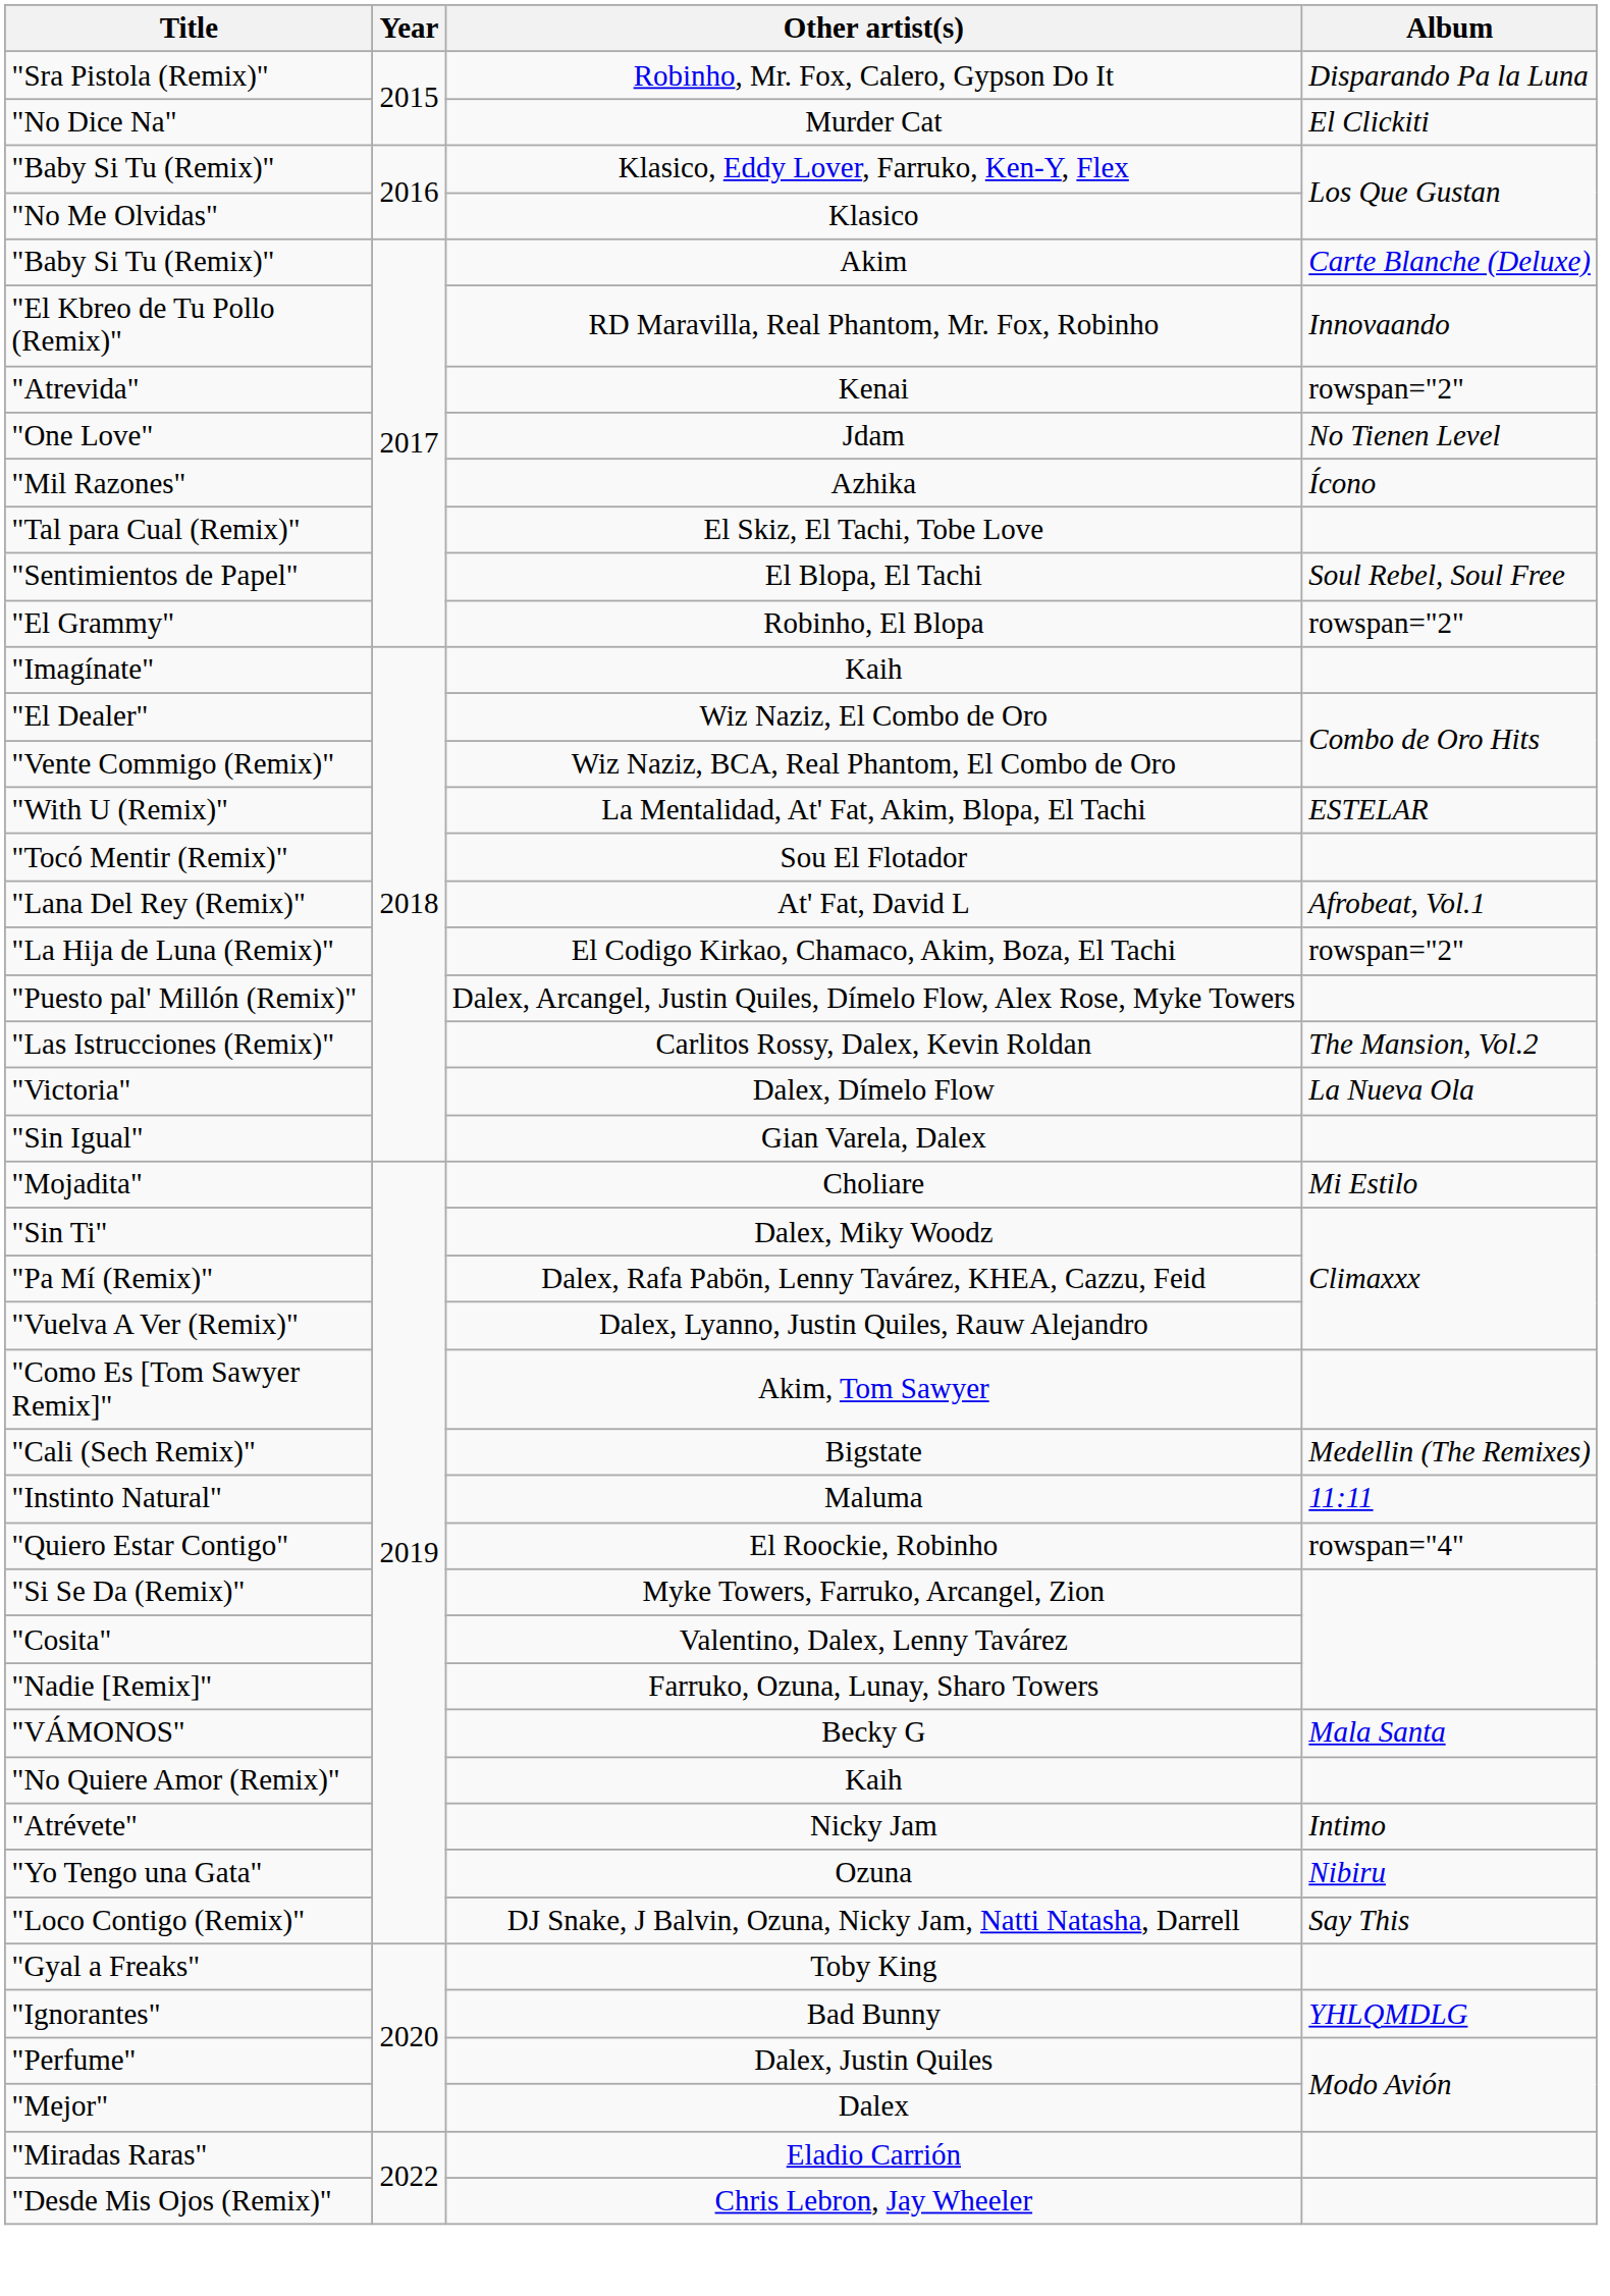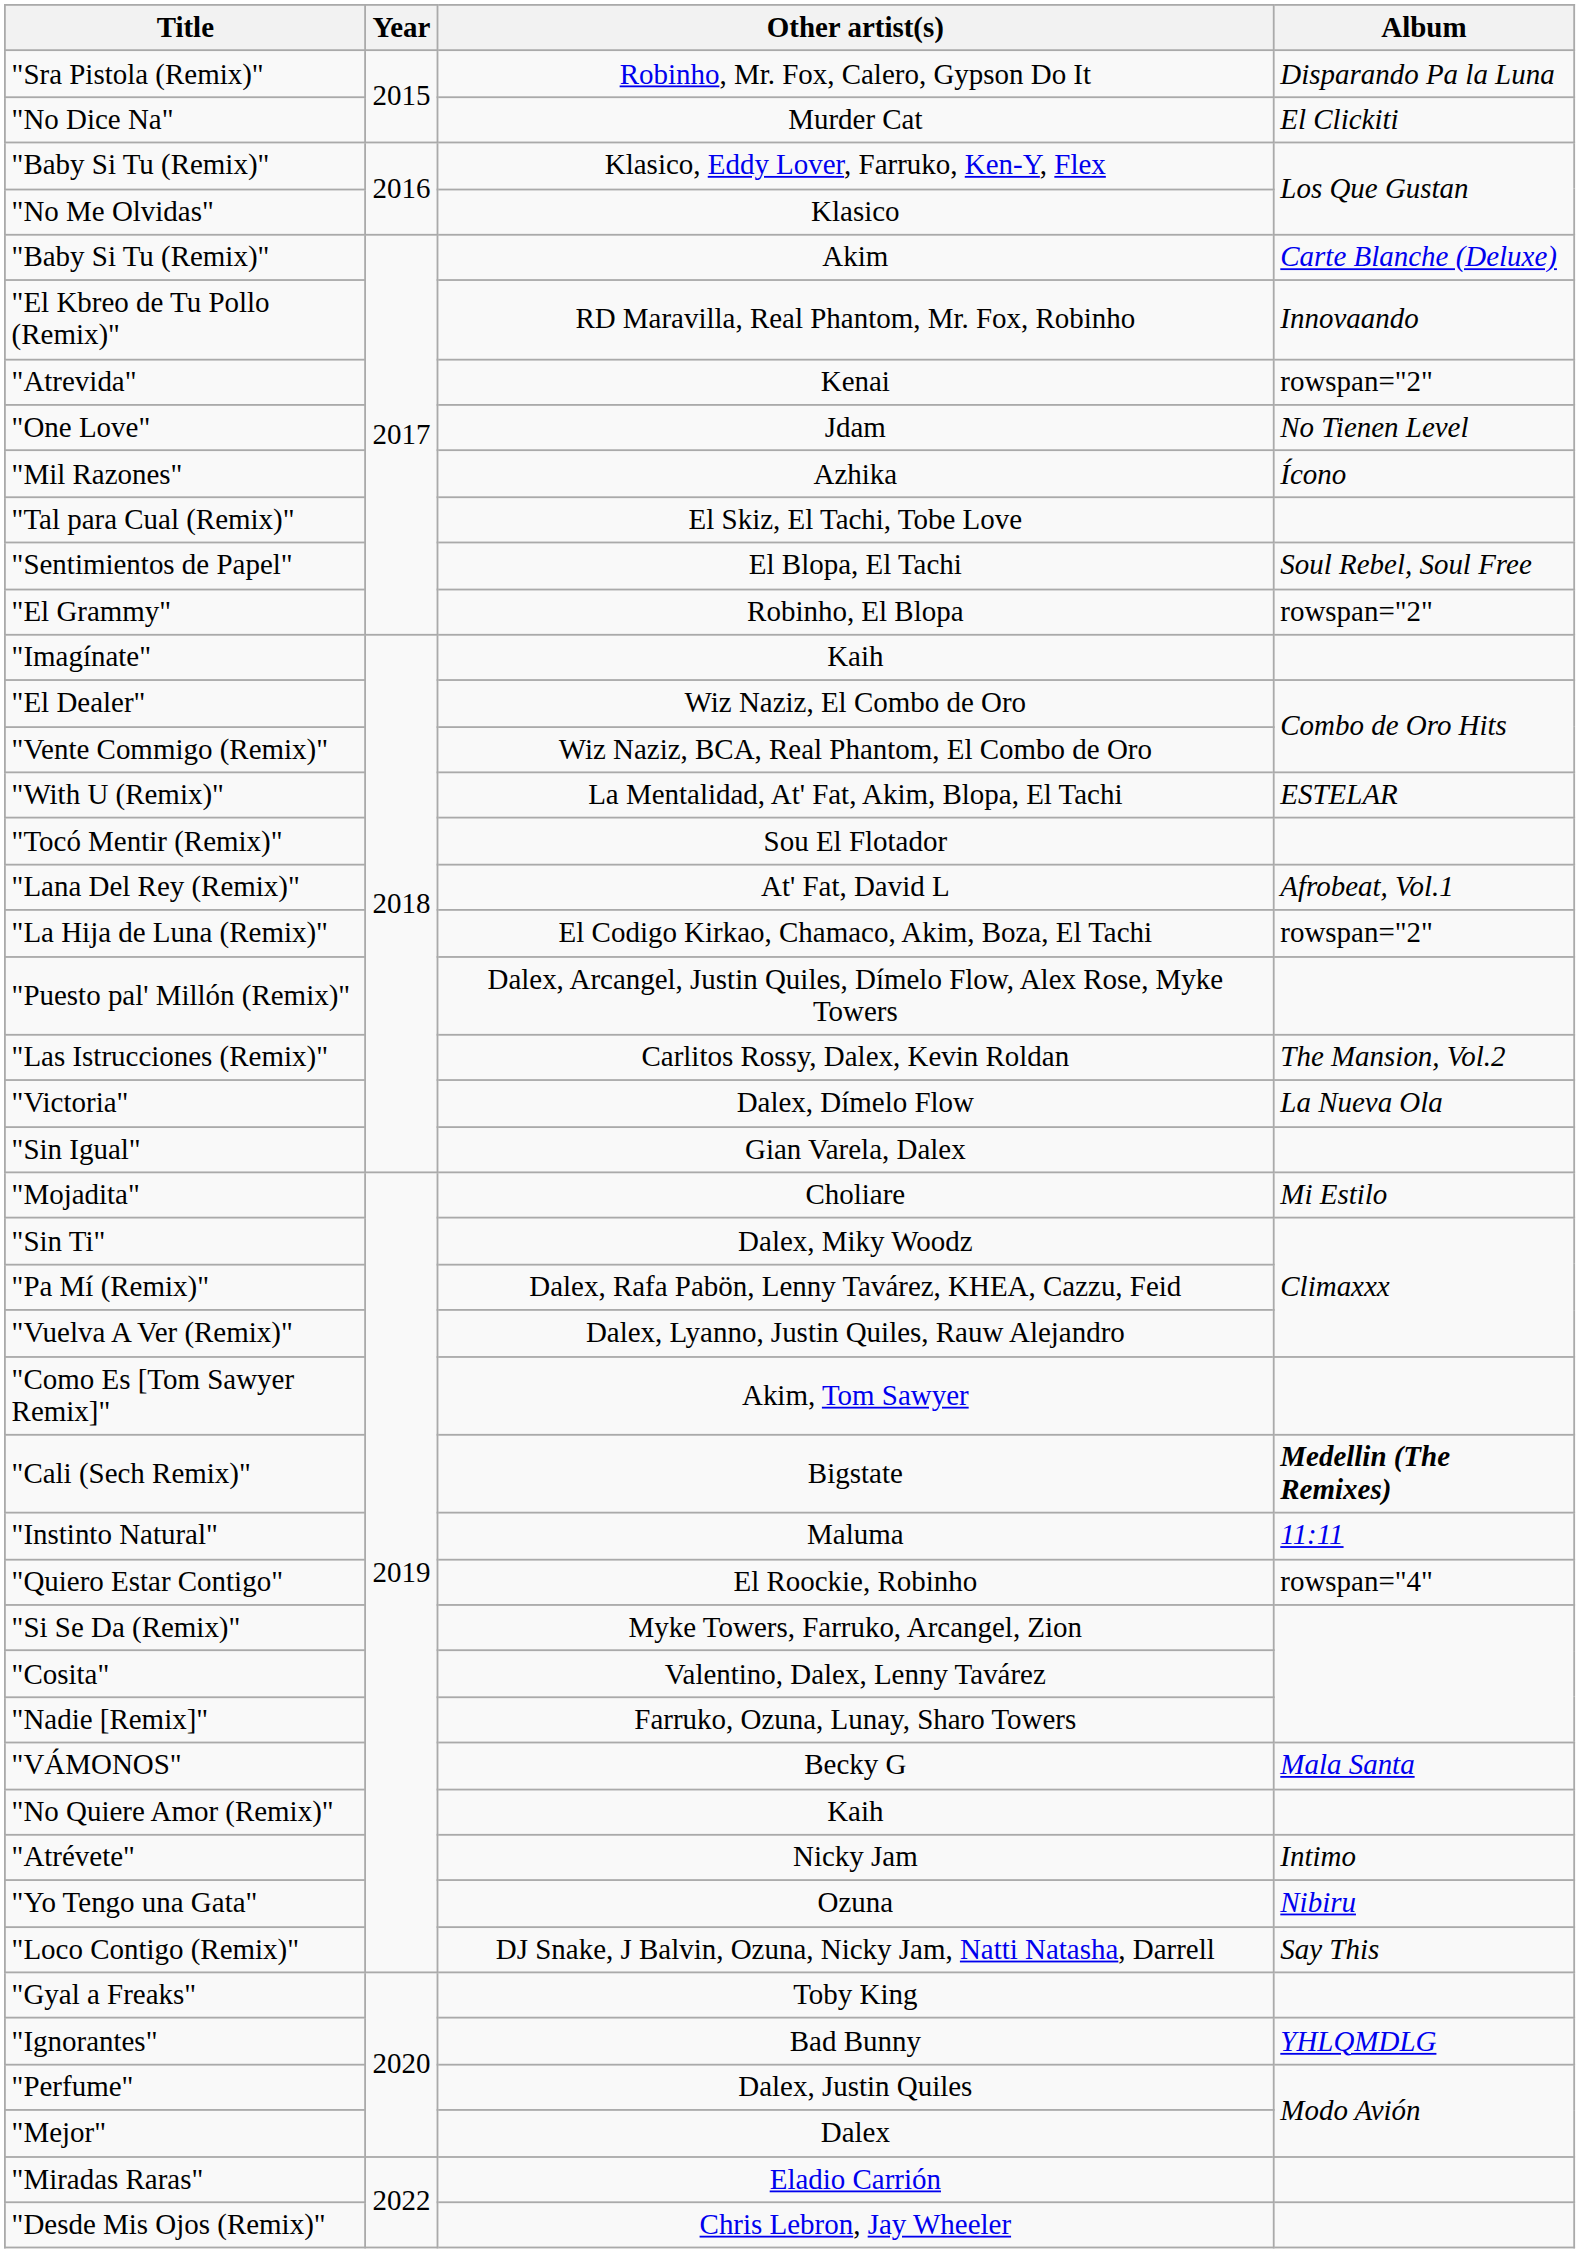 <table class="wikitable plainrowheaders">
 <tr>
 <th scope="col" style="width:12em;">Title</th>
 <th scope="col">Year</th>
 <th scope="col">Other artist(s)</th>
 <th scope="col">Album</th>
 </tr>
 <tr>
 <td scope="row">"Sra Pistola (Remix)"</td>
 <td rowspan="2">2015</td>
 <td style="text-align:center;"><a href='#'>Robinho</a>, Mr. Fox, Calero, Gypson Do It</td>
 <td><em>Disparando Pa la Luna</em></td>
 </tr>
 <tr>
 <td scope="row">"No Dice Na"</td>
 <td style="text-align:center;">Murder Cat</td>
 <td><em>El Clickiti</em></td>
 </tr>
 <tr>
 <td scope="row">"Baby Si Tu (Remix)"</td>
 <td rowspan="2">2016</td>
 <td style="text-align:center;">Klasico, <a href='#'>Eddy Lover</a>, Farruko, <a href='#'>Ken-Y</a>, <a href='#'>Flex</a></td>
 <td rowspan="2"><em>Los Que Gustan</em></td>
 </tr>
 <tr>
 <td scope="row">"No Me Olvidas"</td>
 <td style="text-align:center;">Klasico</td>
 </tr>
 <tr>
 <td scope="row">"Baby Si Tu (Remix)"</td>
 <td rowspan="8">2017</td>
 <td style="text-align:center;">Akim</td>
 <td><em><a href='#'>Carte Blanche (Deluxe)</a></em></td>
 </tr>
 <tr>
 <td scope="row">"El Kbreo de Tu Pollo (Remix)"</td>
 <td style="text-align:center;">RD Maravilla, Real Phantom, Mr. Fox, Robinho</td>
 <td><em>Innovaando</em></td>
 </tr>
 <tr>
 <td scope="row">"Atrevida"</td>
 <td style="text-align:center;">Kenai</td>
 <td>rowspan="2" </td>
 </tr>
 <tr>
 <td scope="row">"One Love"</td>
 <td style="text-align:center;">Jdam</td>
 <td><em>No Tienen Level</em></td>
 </tr>
 <tr>
 <td scope="row">"Mil Razones"</td>
 <td style="text-align:center;">Azhika</td>
 <td><em>Ícono</em></td>
 </tr>
 <tr>
 <td scope="row">"Tal para Cual (Remix)"</td>
 <td style="text-align:center;">El Skiz, El Tachi, Tobe Love</td>
 </tr>
 <tr>
 <td scope="row">"Sentimientos de Papel"</td>
 <td style="text-align:center;">El Blopa, El Tachi</td>
 <td><em>Soul Rebel, Soul Free</em></td>
 </tr>
 <tr>
 <td scope="row">"El Grammy"</td>
 <td style="text-align:center;">Robinho, El Blopa</td>
 <td>rowspan="2" </td>
 </tr>
 <tr>
 <td scope="row">"Imagínate"</td>
 <td rowspan="11">2018</td>
 <td style="text-align:center;">Kaih</td>
 </tr>
 <tr>
 <td scope="row">"El Dealer"</td>
 <td style="text-align:center;">Wiz Naziz, El Combo de Oro</td>
 <td rowspan="2"><em>Combo de Oro Hits</em></td>
 </tr>
 <tr>
 <td scope="row">"Vente Commigo (Remix)"</td>
 <td style="text-align:center;">Wiz Naziz, BCA, Real Phantom, El Combo de Oro</td>
 </tr>
 <tr>
 <td scope="row">"With U (Remix)"</td>
 <td style="text-align:center;">La Mentalidad, At' Fat, Akim, Blopa, El Tachi</td>
 <td><em>ESTELAR</em></td>
 </tr>
 <tr>
 <td scope="row">"Tocó Mentir (Remix)"</td>
 <td style="text-align:center;">Sou El Flotador</td>
 <td></td>
 </tr>
 <tr>
 <td scope="row">"Lana Del Rey (Remix)"</td>
 <td style="text-align:center;">At' Fat, David L</td>
 <td><em>Afrobeat, Vol.1</em></td>
 </tr>
 <tr>
 <td scope="row">"La Hija de Luna (Remix)"</td>
 <td style="text-align:center;">El Codigo Kirkao, Chamaco, Akim, Boza, El Tachi</td>
 <td>rowspan="2" </td>
 </tr>
 <tr>
 <td scope="row">"Puesto pal' Millón (Remix)"</td>
 <td style="text-align:center;">Dalex, Arcangel, Justin Quiles, Dímelo Flow, Alex Rose, Myke Towers</td>
 </tr>
 <tr>
 <td scope="row">"Las Istrucciones (Remix)"</td>
 <td style="text-align:center;">Carlitos Rossy, Dalex, Kevin Roldan</td>
 <td><em>The Mansion, Vol.2</em></td>
 </tr>
 <tr>
 <td scope="row">"Victoria"</td>
 <td style="text-align:center;">Dalex, Dímelo Flow</td>
 <td><em>La Nueva Ola</em></td>
 </tr>
 <tr>
 <td scope="row">"Sin Igual"</td>
 <td style="text-align:center;">Gian Varela, Dalex</td>
 <td></td>
 </tr>
 <tr>
 <td scope="row">"Mojadita"</td>
 <td rowspan="16">2019</td>
 <td style="text-align:center;">Choliare</td>
 <td><em>Mi Estilo</em></td>
 </tr>
 <tr>
 <td scope="row">"Sin Ti"</td>
 <td style="text-align:center;">Dalex, Miky Woodz</td>
 <td rowspan="3"><em>Climaxxx</em></td>
 </tr>
 <tr>
 <td scope="row">"Pa Mí (Remix)"</td>
 <td style="text-align:center;">Dalex, Rafa Pabön, Lenny Tavárez, KHEA, Cazzu, Feid</td>
 </tr>
 <tr>
 <td scope="row">"Vuelva A Ver (Remix)"</td>
 <td style="text-align:center;">Dalex, Lyanno, Justin Quiles, Rauw Alejandro</td>
 </tr>
 <tr>
 <td scope="row">"Como Es [Tom Sawyer Remix]"</td>
 <td style="text-align:center;">Akim, <a href='#'>Tom Sawyer</a></td>
 <td></td>
 </tr>
 <tr>
 <td scope="row">"Cali (Sech Remix)"</td>
 <td style="text-align:center;">Bigstate</td>
-<td><em>Medellin (The Remixes)</em></td>
+<td><strong><em>Medellin (The Remixes)</em></strong></td>
 </tr>
 <tr>
 <td scope="row">"Instinto Natural"</td>
 <td style="text-align:center;">Maluma</td>
 <td><em><a href='#'>11:11</a></em></td>
 </tr>
 <tr>
 <td scope="row">"Quiero Estar Contigo"</td>
 <td style="text-align:center;">El Roockie, Robinho</td>
 <td>rowspan="4" </td>
 </tr>
 <tr>
 <td scope="row">"Si Se Da (Remix)"</td>
 <td style="text-align:center;">Myke Towers, Farruko, Arcangel, Zion</td>
 </tr>
 <tr>
 <td scope="row">"Cosita"</td>
 <td style="text-align:center;">Valentino, Dalex, Lenny Tavárez</td>
 </tr>
 <tr>
 <td scope="row">"Nadie [Remix]"</td>
 <td style="text-align:center;">Farruko, Ozuna, Lunay, Sharo Towers</td>
 </tr>
 <tr>
 <td scope="row">"VÁMONOS"</td>
 <td style="text-align:center;">Becky G</td>
 <td><em><a href='#'>Mala Santa</a></em></td>
 </tr>
 <tr>
 <td scope="row">"No Quiere Amor (Remix)"</td>
 <td style="text-align:center;">Kaih</td>
 <td></td>
 </tr>
 <tr>
 <td scope="row">"Atrévete"</td>
 <td style="text-align:center;">Nicky Jam</td>
 <td><em>Intimo</em></td>
 </tr>
 <tr>
 <td scope="row">"Yo Tengo una Gata"</td>
 <td style="text-align:center;">Ozuna</td>
 <td><em><a href='#'>Nibiru</a></em></td>
 </tr>
 <tr>
 <td scope="row">"Loco Contigo (Remix)"</td>
 <td style="text-align:center;">DJ Snake, J Balvin, Ozuna, Nicky Jam, <a href='#'>Natti Natasha</a>, Darrell</td>
 <td><em>Say This</em></td>
 </tr>
 <tr>
 <td scope="row">"Gyal a Freaks"</td>
 <td rowspan="4">2020</td>
 <td style="text-align:center;">Toby King</td>
 <td></td>
 </tr>
 <tr>
 <td scope="row">"Ignorantes"</td>
 <td style="text-align:center;">Bad Bunny</td>
 <td><em><a href='#'>YHLQMDLG</a></em></td>
 </tr>
 <tr>
 <td scope="row">"Perfume"</td>
 <td style="text-align:center;">Dalex, Justin Quiles</td>
 <td rowspan="2"><em>Modo Avión</em></td>
 </tr>
 <tr>
 <td scope="row">"Mejor"</td>
 <td style="text-align:center;">Dalex</td>
 </tr>
 <tr>
 <td>"Miradas Raras"</td>
 <td rowspan="2">2022</td>
 <td style="text-align:center;"><a href='#'>Eladio Carrión</a></td>
 <td></td>
 </tr>
 <tr>
 <td>"Desde Mis Ojos (Remix)"</td>
 <td style="text-align:center;"><a href='#'>Chris Lebron</a>, <a href='#'>Jay Wheeler</a></td>
 <td></td>
 </tr>
 </table>
